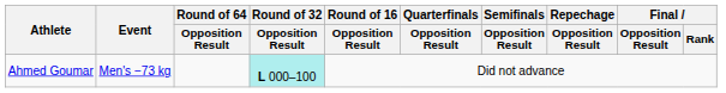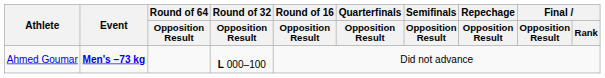 <table class="wikitable" style="font-size:90%">
 <tr>
 <th rowspan="2">Athlete</th>
 <th rowspan="2">Event</th>
 <th>Round of 64</th>
 <th>Round of 32</th>
 <th>Round of 16</th>
 <th>Quarterfinals</th>
 <th>Semifinals</th>
 <th>Repechage</th>
 <th colspan=2>Final / </th>
 </tr>
 <tr style="font-size:95%">
 <th>Opposition<br>Result</th>
 <th>Opposition<br>Result</th>
 <th>Opposition<br>Result</th>
 <th>Opposition<br>Result</th>
 <th>Opposition<br>Result</th>
 <th>Opposition<br>Result</th>
 <th>Opposition<br>Result</th>
 <th>Rank</th>
 </tr>
 <tr align=center>
 <td align=left><a href='#'>Ahmed Goumar</a></td>
-<td align=left><a href='#'>Men's −73 kg</a></td>
+<td align=left><strong><a href='#'>Men's −73 kg</a></strong></td>
 <td></td>
-<td style="background: paleturquoise;"><br><strong>L</strong> 000–100</td>
+<td><br><strong>L</strong> 000–100</td>
 <td colspan=6>Did not advance</td>
 </tr>
 </table>
